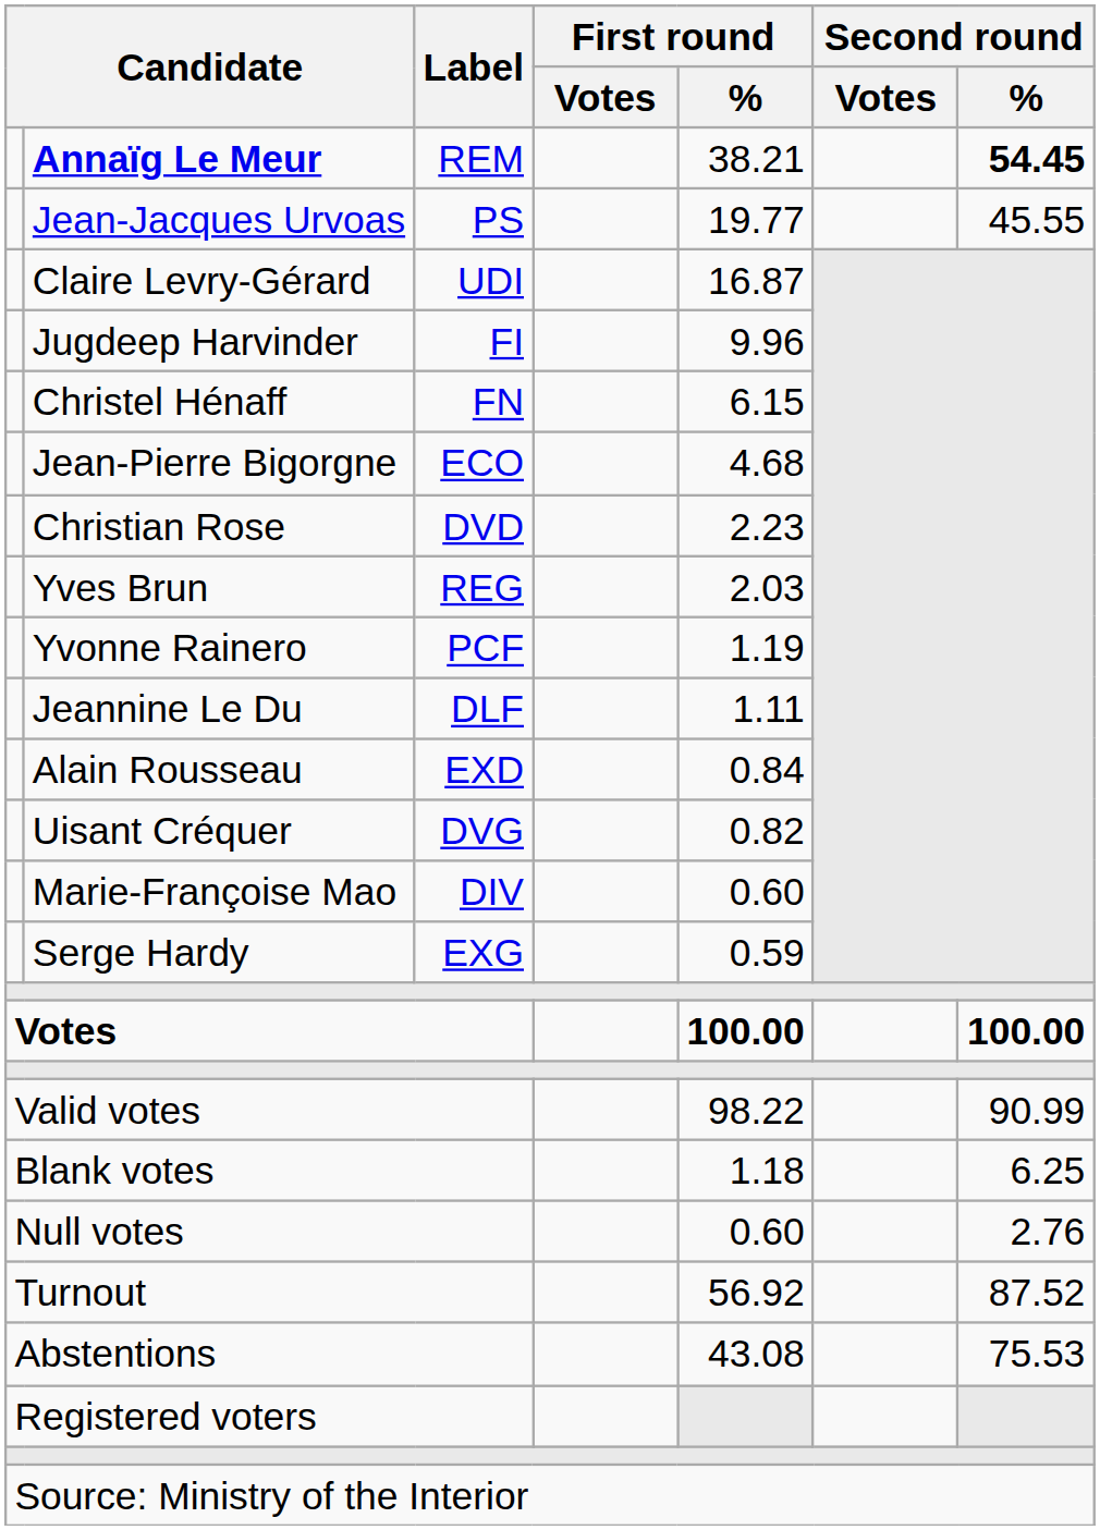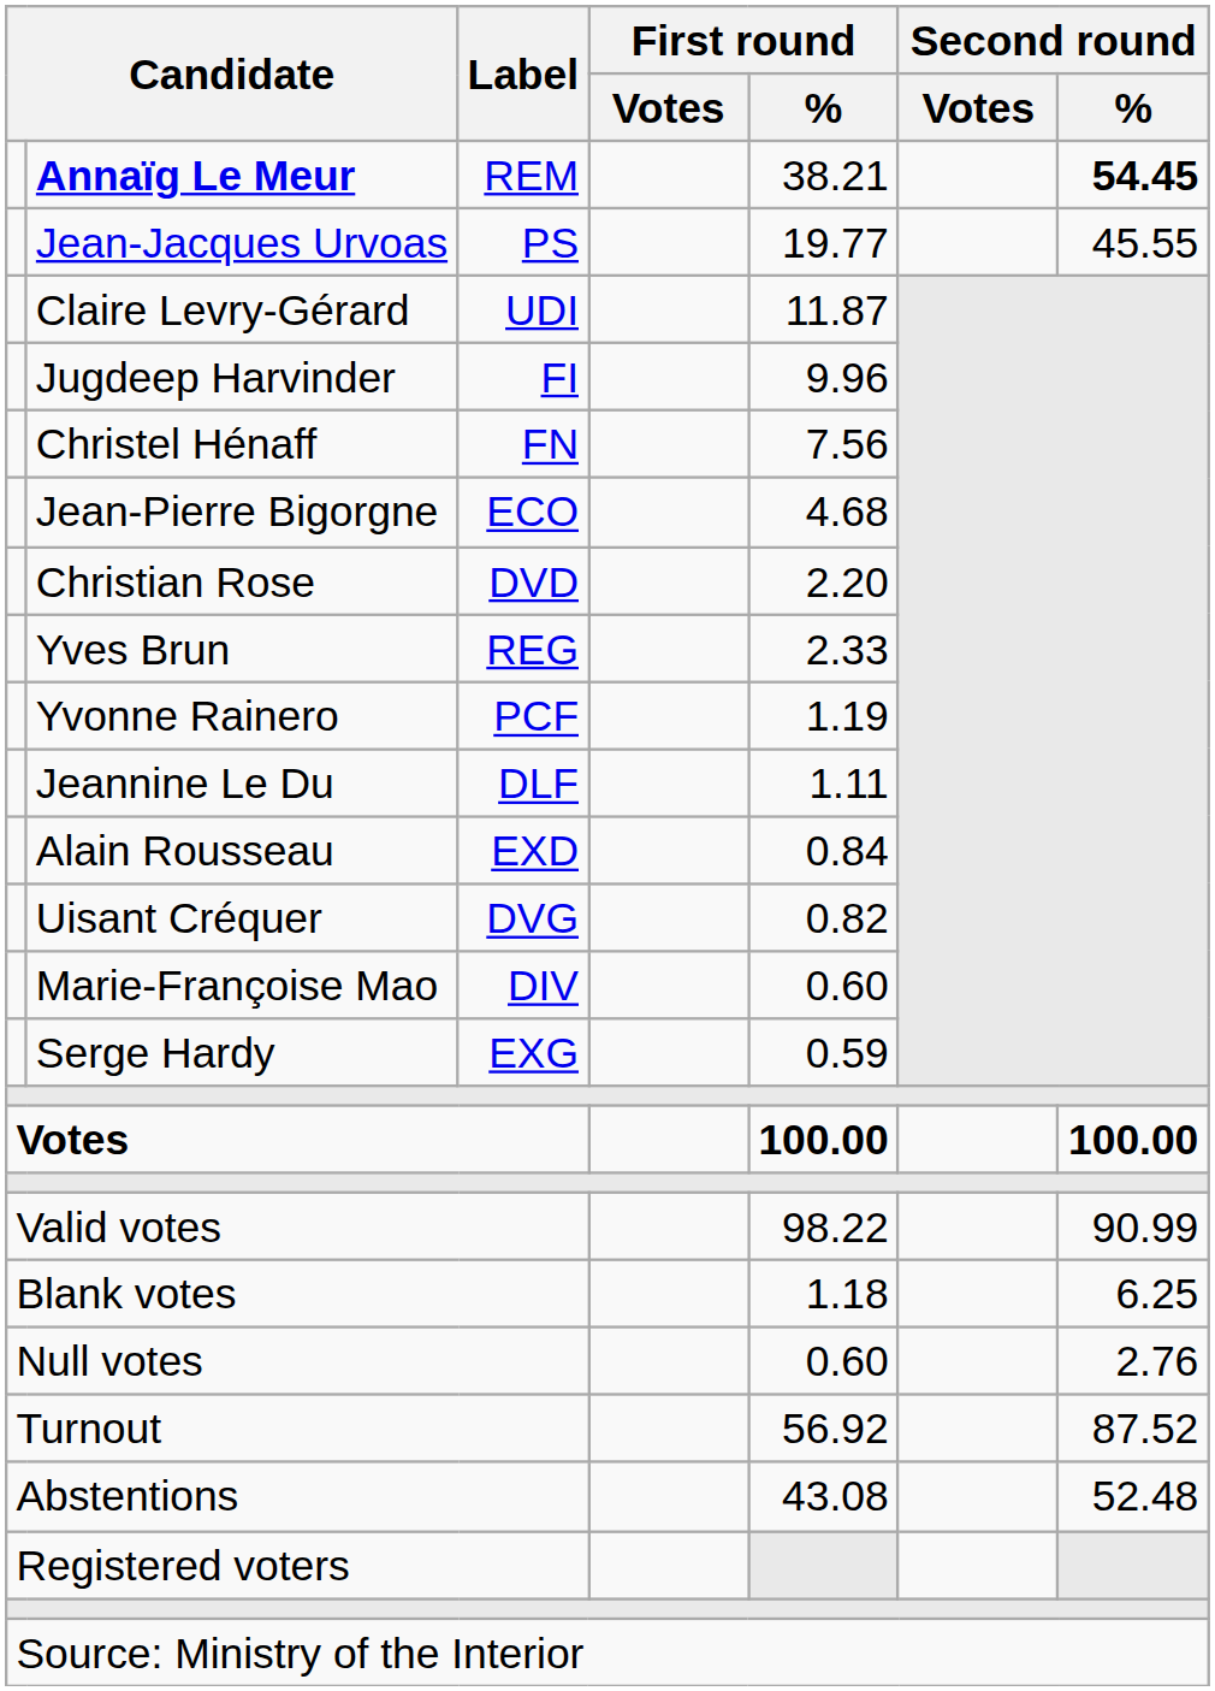 <table class="wikitable" style="text-align:right;font-size:95%;">
 <tr>
 <th rowspan="2" colspan="2">Candidate</th>
 <th rowspan="2">Label</th>
 <th colspan="2">First round</th>
 <th colspan="2">Second round</th>
 </tr>
 <tr>
 <th style="width:50px;">Votes</th>
 <th style="width:45px;">%</th>
 <th style="width:50px;">Votes</th>
 <th style="width:45px;">%</th>
 </tr>
 <tr>
 <td style="color:inherit;background:"></td>
 <td style="text-align:left;"><strong><a href='#'>Annaïg Le Meur</a></strong></td>
 <td><a href='#'>REM</a></td>
 <td></td>
 <td>38.21</td>
 <td><strong></strong></td>
 <td><strong>54.45</strong></td>
 </tr>
 <tr>
 <td style="color:inherit;background:"></td>
 <td style="text-align:left;"><a href='#'>Jean-Jacques Urvoas</a></td>
 <td><a href='#'>PS</a></td>
 <td></td>
 <td>19.77</td>
 <td></td>
 <td>45.55</td>
 </tr>
 <tr>
 <td style="color:inherit;background:"></td>
 <td style="text-align:left;">Claire Levry-Gérard</td>
 <td><a href='#'>UDI</a></td>
 <td></td>
-<td>16.87</td>
+<td>11.87</td>
 <td colspan="2" rowspan="12" style="background:#E9E9E9;"></td>
 </tr>
 <tr>
 <td style="color:inherit;background:"></td>
 <td style="text-align:left;">Jugdeep Harvinder</td>
 <td><a href='#'>FI</a></td>
 <td></td>
 <td>9.96</td>
 </tr>
 <tr>
 <td style="color:inherit;background:"></td>
 <td style="text-align:left;">Christel Hénaff</td>
 <td><a href='#'>FN</a></td>
 <td></td>
-<td>6.15</td>
+<td>7.56</td>
 </tr>
 <tr>
 <td style="color:inherit;background:"></td>
 <td style="text-align:left;">Jean-Pierre Bigorgne</td>
 <td><a href='#'>ECO</a></td>
 <td></td>
 <td>4.68</td>
 </tr>
 <tr>
 <td style="color:inherit;background:"></td>
 <td style="text-align:left;">Christian Rose</td>
 <td><a href='#'>DVD</a></td>
 <td></td>
-<td>2.23</td>
+<td>2.20</td>
 </tr>
 <tr>
 <td style="color:inherit;background:"></td>
 <td style="text-align:left;">Yves Brun</td>
 <td><a href='#'>REG</a></td>
 <td></td>
-<td>2.03</td>
+<td>2.33</td>
 </tr>
 <tr>
 <td style="color:inherit;background:"></td>
 <td style="text-align:left;">Yvonne Rainero</td>
 <td><a href='#'>PCF</a></td>
 <td></td>
 <td>1.19</td>
 </tr>
 <tr>
 <td style="color:inherit;background:"></td>
 <td style="text-align:left;">Jeannine Le Du</td>
 <td><a href='#'>DLF</a></td>
 <td></td>
 <td>1.11</td>
 </tr>
 <tr>
 <td style="color:inherit;background:"></td>
 <td style="text-align:left;">Alain Rousseau</td>
 <td><a href='#'>EXD</a></td>
 <td></td>
 <td>0.84</td>
 </tr>
 <tr>
 <td style="color:inherit;background:"></td>
 <td style="text-align:left;">Uisant Créquer</td>
 <td><a href='#'>DVG</a></td>
 <td></td>
 <td>0.82</td>
 </tr>
 <tr>
 <td style="color:inherit;background:"></td>
 <td style="text-align:left;">Marie-Françoise Mao</td>
 <td><a href='#'>DIV</a></td>
 <td></td>
 <td>0.60</td>
 </tr>
 <tr>
 <td style="color:inherit;background:"></td>
 <td style="text-align:left;">Serge Hardy</td>
 <td><a href='#'>EXG</a></td>
 <td></td>
 <td>0.59</td>
 </tr>
 <tr>
 <td colspan="7" style="background:#E9E9E9;"></td>
 </tr>
 <tr style="font-weight:bold;">
 <td colspan="3" style="text-align:left;">Votes</td>
 <td></td>
 <td>100.00</td>
 <td></td>
 <td>100.00</td>
 </tr>
 <tr>
 <td colspan="7" style="background:#E9E9E9;"></td>
 </tr>
 <tr>
 <td colspan="3" style="text-align:left;">Valid votes</td>
 <td></td>
 <td>98.22</td>
 <td></td>
 <td>90.99</td>
 </tr>
 <tr>
 <td colspan="3" style="text-align:left;">Blank votes</td>
 <td></td>
 <td>1.18</td>
 <td></td>
 <td>6.25</td>
 </tr>
 <tr>
 <td colspan="3" style="text-align:left;">Null votes</td>
 <td></td>
 <td>0.60</td>
 <td></td>
 <td>2.76</td>
 </tr>
 <tr>
 <td colspan="3" style="text-align:left;">Turnout</td>
 <td></td>
 <td>56.92</td>
 <td></td>
 <td>87.52</td>
 </tr>
 <tr>
 <td colspan="3" style="text-align:left;">Abstentions</td>
 <td></td>
 <td>43.08</td>
 <td></td>
-<td>75.53</td>
+<td>52.48</td>
 </tr>
 <tr>
 <td colspan="3" style="text-align:left;">Registered voters</td>
 <td></td>
 <td style="color:inherit;background:#E9E9E9;"></td>
 <td></td>
 <td style="color:inherit;background:#E9E9E9;"></td>
 </tr>
 <tr>
 <td colspan="7" style="background:#E9E9E9;"></td>
 </tr>
 <tr>
 <td colspan="7" style="text-align:left;">Source: Ministry of the Interior</td>
 </tr>
 </table>
